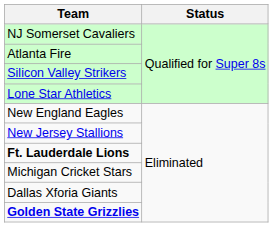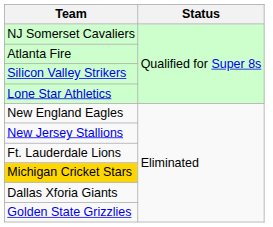 <table class="wikitable">
 <tr>
 <th>Team</th>
 <th>Status</th>
 </tr>
 <tr style="background:#cfc">
 <td>NJ Somerset Cavaliers</td>
 <td rowspan=4>Qualified for <a href='#'>Super 8s</a></td>
 </tr>
 <tr style="background:#cfc">
 <td>Atlanta Fire</td>
 </tr>
 <tr style="background:#cfc">
 <td><a href='#'>Silicon Valley Strikers</a></td>
 </tr>
 <tr style="background:#cfc">
 <td><a href='#'>Lone Star Athletics</a></td>
 </tr>
 <tr>
 <td>New England Eagles</td>
 <td rowspan=6>Eliminated</td>
 </tr>
 <tr>
 <td><a href='#'>New Jersey Stallions</a></td>
 </tr>
 <tr>
-<td><strong>Ft. Lauderdale Lions</strong></td>
+<td>Ft. Lauderdale Lions</td>
 </tr>
 <tr>
-<td>Michigan Cricket Stars</td>
+<td style="background: gold;">Michigan Cricket Stars</td>
 </tr>
 <tr>
 <td>Dallas Xforia Giants</td>
 </tr>
 <tr>
-<td><strong><a href='#'>Golden State Grizzlies</a></strong></td>
+<td><a href='#'>Golden State Grizzlies</a></td>
 </tr>
 </table>
